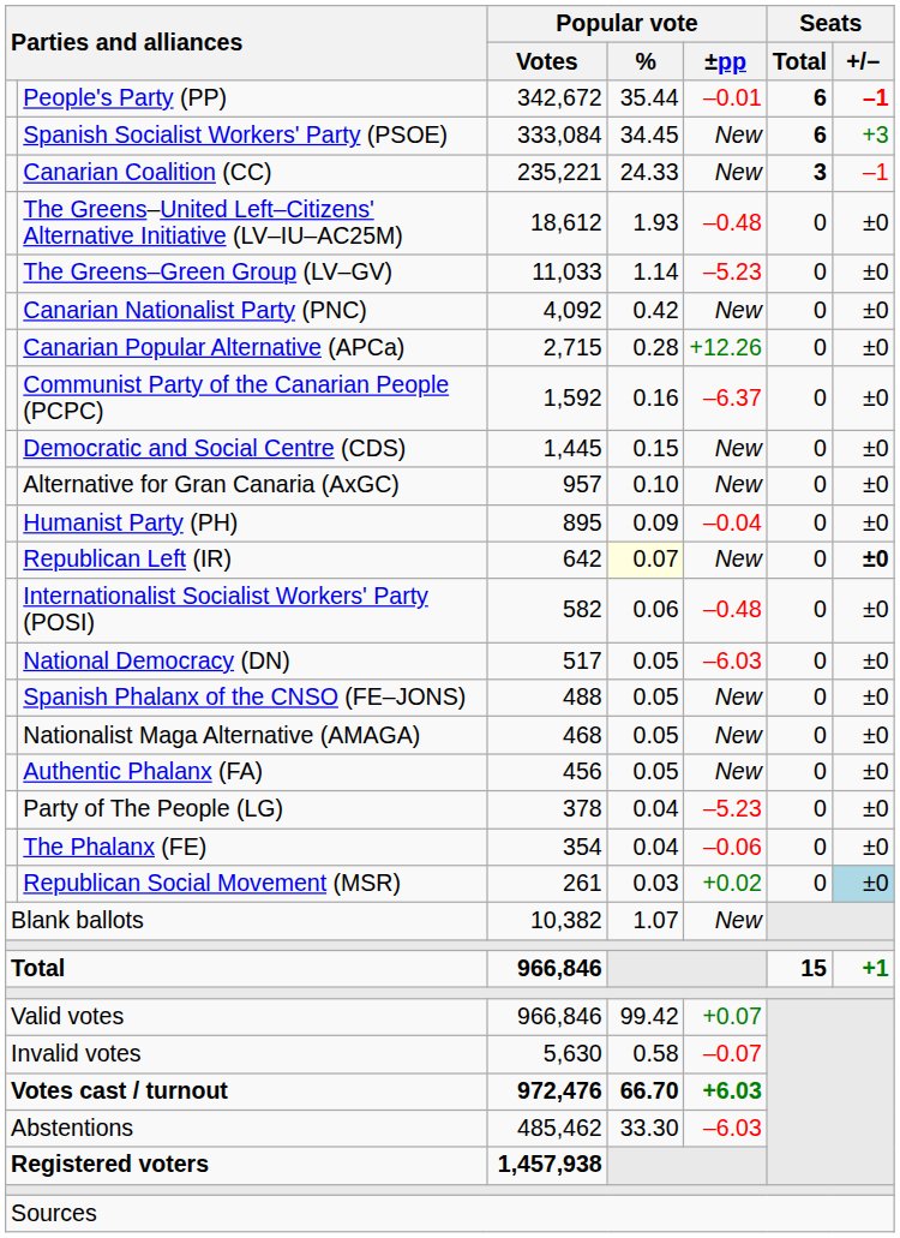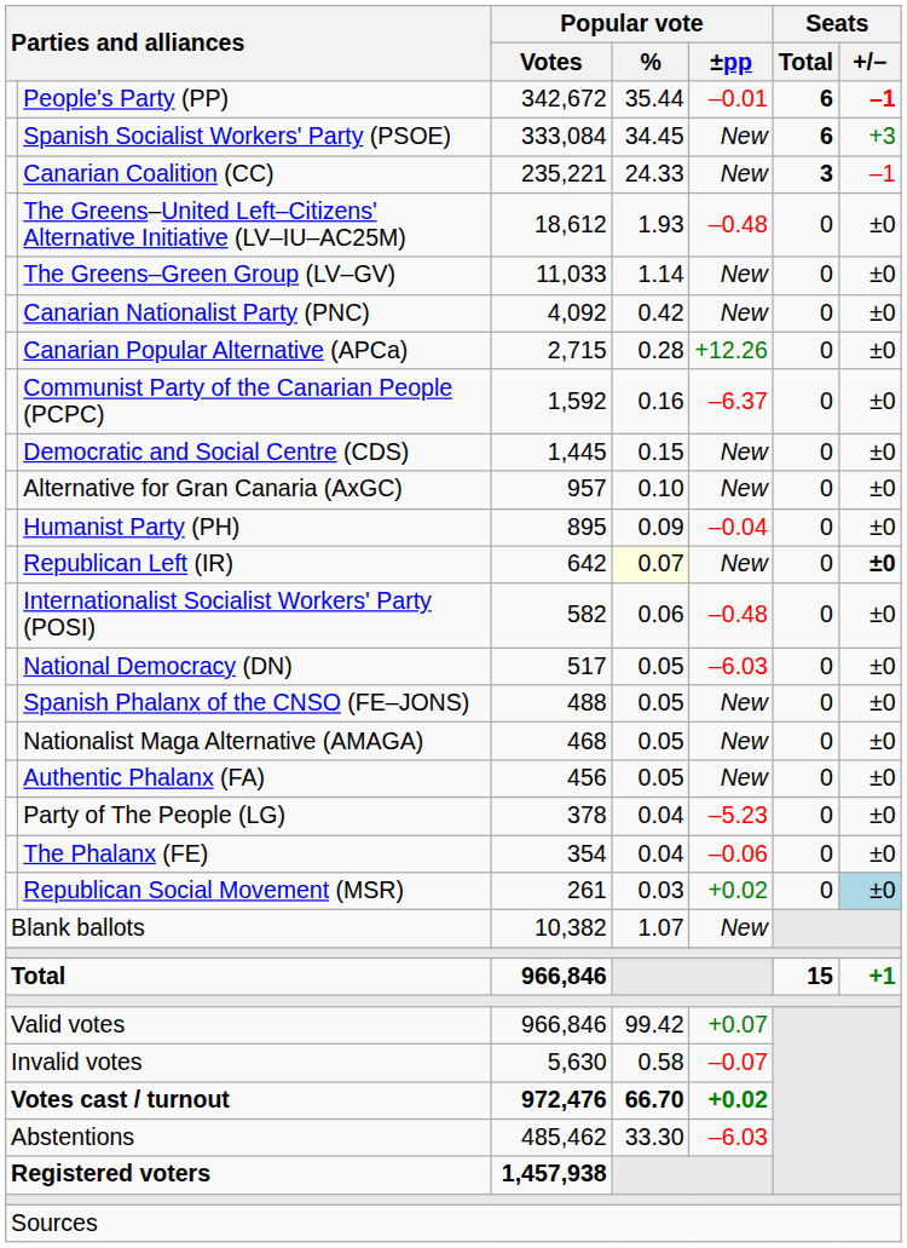 <table class="wikitable" style="text-align:right;">
 <tr>
 <th style="text-align:left;" rowspan="2" colspan="2" width="525">Parties and alliances</th>
 <th colspan="3">Popular vote</th>
 <th colspan="2">Seats</th>
 </tr>
 <tr>
 <th width="75">Votes</th>
 <th width="45">%</th>
 <th width="45">±<a href='#'>pp</a></th>
 <th width="35">Total</th>
 <th width="35">+/−</th>
 </tr>
 <tr>
 <td width="1" style="color:inherit;background:"></td>
 <td align="left"><a href='#'>People's Party</a> (PP)</td>
 <td>342,672</td>
 <td>35.44</td>
 <td style="color:red;">–0.01</td>
 <td><strong>6</strong></td>
 <td style="color:red;"><strong>–1</strong></td>
 </tr>
 <tr>
 <td style="color:inherit;background:"></td>
 <td align="left"><a href='#'>Spanish Socialist Workers' Party</a> (PSOE)</td>
 <td>333,084</td>
 <td>34.45</td>
 <td><em>New</em></td>
 <td><strong>6</strong></td>
 <td style="color:green;">+3</td>
 </tr>
 <tr>
 <td style="color:inherit;background:"></td>
 <td align="left"><a href='#'>Canarian Coalition</a> (CC)</td>
 <td>235,221</td>
 <td>24.33</td>
 <td><em>New</em></td>
 <td><strong>3</strong></td>
 <td style="color:red;">–1</td>
 </tr>
 <tr>
 <td style="color:inherit;background:"></td>
 <td align="left"><a href='#'>The Greens</a>–<a href='#'>United Left–Citizens' Alternative Initiative</a> (LV–IU–AC25M)</td>
 <td>18,612</td>
 <td>1.93</td>
 <td style="color:red;">–0.48</td>
 <td>0</td>
 <td>±0</td>
 </tr>
 <tr>
 <td style="color:inherit;background:"></td>
 <td align="left"><a href='#'>The Greens–Green Group</a> (LV–GV)</td>
 <td>11,033</td>
 <td>1.14</td>
-<td style="color:red;">–5.23</td>
+<td><em>New</em></td>
 <td>0</td>
 <td>±0</td>
 </tr>
 <tr>
 <td style="color:inherit;background:"></td>
 <td align="left"><a href='#'>Canarian Nationalist Party</a> (PNC)</td>
 <td>4,092</td>
 <td>0.42</td>
 <td><em>New</em></td>
 <td>0</td>
 <td>±0</td>
 </tr>
 <tr>
 <td style="color:inherit;background:"></td>
 <td align="left"><a href='#'>Canarian Popular Alternative</a> (APCa)</td>
 <td>2,715</td>
 <td>0.28</td>
 <td style="color:green;">+12.26</td>
 <td>0</td>
 <td>±0</td>
 </tr>
 <tr>
 <td style="color:inherit;background:"></td>
 <td align="left"><a href='#'>Communist Party of the Canarian People</a> (PCPC)</td>
 <td>1,592</td>
 <td>0.16</td>
 <td style="color:red;">–6.37</td>
 <td>0</td>
 <td>±0</td>
 </tr>
 <tr>
 <td style="color:inherit;background:"></td>
 <td align="left"><a href='#'>Democratic and Social Centre</a> (CDS)</td>
 <td>1,445</td>
 <td>0.15</td>
 <td><em>New</em></td>
 <td>0</td>
 <td>±0</td>
 </tr>
 <tr>
 <td style="color:inherit;background:"></td>
 <td align="left">Alternative for Gran Canaria (AxGC)</td>
 <td>957</td>
 <td>0.10</td>
 <td><em>New</em></td>
 <td>0</td>
 <td>±0</td>
 </tr>
 <tr>
 <td style="color:inherit;background:"></td>
 <td align="left"><a href='#'>Humanist Party</a> (PH)</td>
 <td>895</td>
 <td>0.09</td>
 <td style="color:red;">–0.04</td>
 <td>0</td>
 <td>±0</td>
 </tr>
 <tr>
 <td style="color:inherit;background:"></td>
 <td align="left"><a href='#'>Republican Left</a> (IR)</td>
 <td>642</td>
 <td style="background: lightyellow;">0.07</td>
 <td><em>New</em></td>
 <td>0</td>
 <td><strong>±0</strong></td>
 </tr>
 <tr>
 <td style="color:inherit;background:"></td>
 <td align="left"><a href='#'>Internationalist Socialist Workers' Party</a> (POSI)</td>
 <td>582</td>
 <td>0.06</td>
 <td style="color:red;">–0.48</td>
 <td>0</td>
 <td>±0</td>
 </tr>
 <tr>
 <td style="color:inherit;background:"></td>
 <td align="left"><a href='#'>National Democracy</a> (DN)</td>
 <td>517</td>
 <td>0.05</td>
 <td style="color:red;">–6.03</td>
 <td>0</td>
 <td>±0</td>
 </tr>
 <tr>
 <td style="color:inherit;background:"></td>
 <td align="left"><a href='#'>Spanish Phalanx of the CNSO</a> (FE–JONS)</td>
 <td>488</td>
 <td>0.05</td>
 <td><em>New</em></td>
 <td>0</td>
 <td>±0</td>
 </tr>
 <tr>
 <td style="color:inherit;background:"></td>
 <td align="left">Nationalist Maga Alternative (AMAGA)</td>
 <td>468</td>
 <td>0.05</td>
 <td><em>New</em></td>
 <td>0</td>
 <td>±0</td>
 </tr>
 <tr>
 <td style="color:inherit;background:"></td>
 <td align="left"><a href='#'>Authentic Phalanx</a> (FA)</td>
 <td>456</td>
 <td>0.05</td>
 <td><em>New</em></td>
 <td>0</td>
 <td>±0</td>
 </tr>
 <tr>
 <td bgcolor="white"></td>
 <td align="left">Party of The People (LG)</td>
 <td>378</td>
 <td>0.04</td>
 <td style="color:red;">–5.23</td>
 <td>0</td>
 <td>±0</td>
 </tr>
 <tr>
 <td style="color:inherit;background:"></td>
 <td align="left"><a href='#'>The Phalanx</a> (FE)</td>
 <td>354</td>
 <td>0.04</td>
 <td style="color:red;">–0.06</td>
 <td>0</td>
 <td>±0</td>
 </tr>
 <tr>
 <td style="color:inherit;background:"></td>
 <td align="left"><a href='#'>Republican Social Movement</a> (MSR)</td>
 <td>261</td>
 <td>0.03</td>
 <td style="color:green;">+0.02</td>
 <td>0</td>
 <td style="background: lightblue;">±0</td>
 </tr>
 <tr>
 <td align="left" colspan="2">Blank ballots</td>
 <td>10,382</td>
 <td>1.07</td>
 <td><em>New</em></td>
 <td bgcolor="#E9E9E9" colspan="2"></td>
 </tr>
 <tr>
 <td colspan="7" bgcolor="#E9E9E9"></td>
 </tr>
 <tr style="font-weight:bold;">
 <td align="left" colspan="2">Total</td>
 <td>966,846</td>
 <td bgcolor="#E9E9E9" colspan="2"></td>
 <td>15</td>
 <td style="color:green;">+1</td>
 </tr>
 <tr>
 <td colspan="7" bgcolor="#E9E9E9"></td>
 </tr>
 <tr>
 <td align="left" colspan="2">Valid votes</td>
 <td>966,846</td>
 <td>99.42</td>
 <td style="color:green;">+0.07</td>
 <td bgcolor="#E9E9E9" colspan="2" rowspan="5"></td>
 </tr>
 <tr>
 <td align="left" colspan="2">Invalid votes</td>
 <td>5,630</td>
 <td>0.58</td>
 <td style="color:red;">–0.07</td>
 </tr>
 <tr style="font-weight:bold;">
 <td align="left" colspan="2">Votes cast / turnout</td>
 <td>972,476</td>
 <td>66.70</td>
-<td style="color:green;">+6.03</td>
+<td style="color:green;">+0.02</td>
 </tr>
 <tr>
 <td align="left" colspan="2">Abstentions</td>
 <td>485,462</td>
 <td>33.30</td>
 <td style="color:red;">–6.03</td>
 </tr>
 <tr style="font-weight:bold;">
 <td align="left" colspan="2">Registered voters</td>
 <td>1,457,938</td>
 <td bgcolor="#E9E9E9" colspan="2"></td>
 </tr>
 <tr>
 <td colspan="7" bgcolor="#E9E9E9"></td>
 </tr>
 <tr>
 <td align="left" colspan="7">Sources</td>
 </tr>
 </table>
